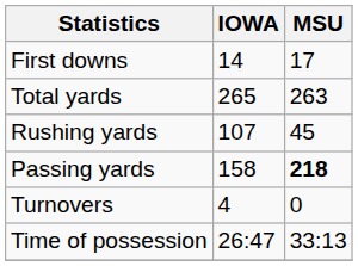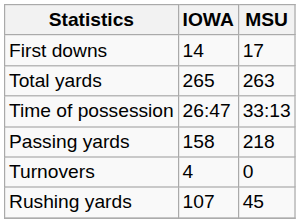 <table class="wikitable">
 <tr>
 <th>Statistics</th>
 <th>IOWA</th>
 <th>MSU</th>
 </tr>
 <tr>
 <td>First downs</td>
 <td>14</td>
 <td>17</td>
 </tr>
 <tr>
 <td>Total yards</td>
 <td>265</td>
 <td>263</td>
 </tr>
 <tr>
-<td>Rushing yards</td>
-<td>107</td>
-<td>45</td>
+<td>Time of possession</td>
+<td>26:47</td>
+<td>33:13</td>
 </tr>
 <tr>
 <td>Passing yards</td>
 <td>158</td>
-<td><strong>218</strong></td>
+<td>218</td>
 </tr>
 <tr>
 <td>Turnovers</td>
 <td>4</td>
 <td>0</td>
 </tr>
 <tr>
-<td>Time of possession</td>
-<td>26:47</td>
-<td>33:13</td>
+<td>Rushing yards</td>
+<td>107</td>
+<td>45</td>
 </tr>
 <tr>
 </tr>
 </table>
